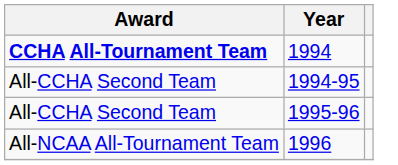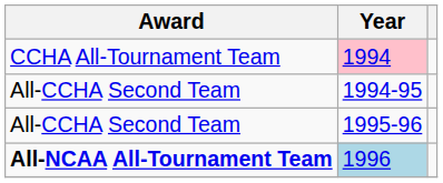 <table class="wikitable">
 <tr>
 <th>Award</th>
 <th>Year</th>
 <th></th>
 </tr>
 <tr>
-<td><strong><a href='#'>CCHA</a> <a href='#'>All-Tournament Team</a></strong></td>
-<td><a href='#'>1994</a></td>
+<td><a href='#'>CCHA</a> <a href='#'>All-Tournament Team</a></td>
+<td style="background: pink;"><a href='#'>1994</a></td>
 <td></td>
 </tr>
 <tr>
 <td>All-<a href='#'>CCHA</a> <a href='#'>Second Team</a></td>
 <td><a href='#'>1994-95</a></td>
 <td></td>
 </tr>
 <tr>
 <td>All-<a href='#'>CCHA</a> <a href='#'>Second Team</a></td>
 <td><a href='#'>1995-96</a></td>
 <td></td>
 </tr>
 <tr>
-<td>All-<a href='#'>NCAA</a> <a href='#'>All-Tournament Team</a></td>
-<td><a href='#'>1996</a></td>
+<td><strong>All-<a href='#'>NCAA</a> <a href='#'>All-Tournament Team</a></strong></td>
+<td style="background: lightblue;"><a href='#'>1996</a></td>
 <td></td>
 </tr>
 <tr>
 </tr>
 </table>
